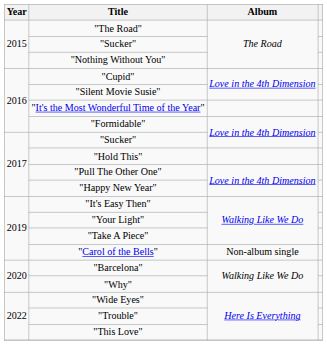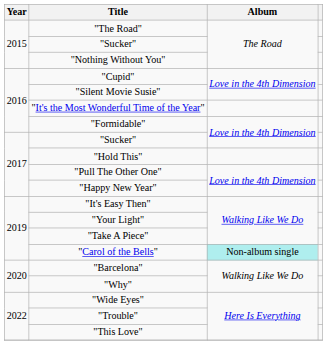 <table class="wikitable plainrowheaders" style="text-align:center;">
 <tr>
 <th scope="col" rowspan="1">Year</th>
 <th scope="col" rowspan="1">Title</th>
 <th scope="col" rowspan="1">Album</th>
 <th class="unsortable"></th>
 </tr>
 <tr>
 <td rowspan="3">2015</td>
 <td>"The Road"</td>
 <td rowspan="3"><em>The Road</em></td>
 <td></td>
 </tr>
 <tr>
 <td>"Sucker"</td>
 <td></td>
 </tr>
 <tr>
 <td>"Nothing Without You"</td>
 <td></td>
 </tr>
 <tr>
 <td rowspan="4">2016</td>
 <td>"Cupid"</td>
 <td rowspan="2"><em><a href='#'>Love in the 4th Dimension</a></em></td>
 <td></td>
 </tr>
 <tr>
 <td>"Silent Movie Susie"</td>
 <td></td>
 </tr>
 <tr>
 <td>"<a href='#'>It's the Most Wonderful Time of the Year</a>"</td>
 <td></td>
 <td></td>
 </tr>
 <tr>
 <td>"Formidable"</td>
 <td rowspan="2"><em><a href='#'>Love in the 4th Dimension</a></em></td>
 <td></td>
 </tr>
 <tr>
 <td rowspan="4">2017</td>
 <td>"Sucker"</td>
 <td></td>
 </tr>
 <tr>
 <td>"Hold This"</td>
 <td></td>
 <td></td>
 </tr>
 <tr>
 <td>"Pull The Other One"</td>
 <td rowspan="2"><em><a href='#'>Love in the 4th Dimension</a></em></td>
 <td></td>
 </tr>
 <tr>
 <td>"Happy New Year"</td>
 <td></td>
 </tr>
 <tr>
 <td rowspan="4">2019</td>
 <td>"It's Easy Then"</td>
 <td rowspan="3"><em><a href='#'>Walking Like We Do</a></em></td>
 <td></td>
 </tr>
 <tr>
 <td>"Your Light"</td>
 <td></td>
 </tr>
 <tr>
 <td>"Take A Piece"</td>
 <td></td>
 </tr>
 <tr>
 <td>"<a href='#'>Carol of the Bells</a>"</td>
-<td>Non-album single</td>
+<td style="background: paleturquoise;">Non-album single</td>
 <td></td>
 </tr>
 <tr>
 <td rowspan="2">2020</td>
 <td>"Barcelona"</td>
 <td rowspan="2"><em>Walking Like We Do</em></td>
 <td></td>
 </tr>
 <tr>
 <td>"Why"</td>
 <td></td>
 </tr>
 <tr>
 <td rowspan="3">2022</td>
 <td>"Wide Eyes"</td>
 <td rowspan="3"><em><a href='#'>Here Is Everything</a></em></td>
 <td></td>
 </tr>
 <tr>
 <td>"Trouble"</td>
 <td></td>
 </tr>
 <tr>
 <td>"This Love"</td>
 <td></td>
 </tr>
 <tr>
 </tr>
 </table>
